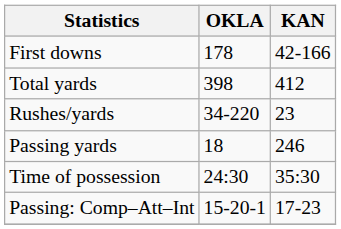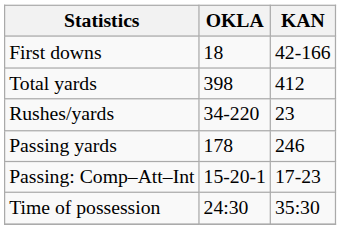 <table class="wikitable" style="float: left;">
 <tr>
 <th>Statistics</th>
 <th>OKLA</th>
 <th>KAN</th>
 </tr>
 <tr>
 <td>First downs</td>
-<td>178</td>
+<td>18</td>
 <td>42-166</td>
 </tr>
 <tr>
 <td>Total yards</td>
 <td>398</td>
 <td>412</td>
 </tr>
 <tr>
 <td>Rushes/yards</td>
 <td>34-220</td>
 <td>23</td>
 </tr>
 <tr>
 <td>Passing yards</td>
-<td>18</td>
+<td>178</td>
 <td>246</td>
+</tr>
+<tr>
+<td>Passing: Comp–Att–Int</td>
+<td>15-20-1</td>
+<td>17-23</td>
 </tr>
 <tr>
 <td>Time of possession</td>
 <td>24:30</td>
 <td>35:30</td>
 </tr>
 <tr>
-<td>Passing: Comp–Att–Int</td>
-<td>15-20-1</td>
-<td>17-23</td>
-</tr>
-<tr>
 </tr>
 </table>
